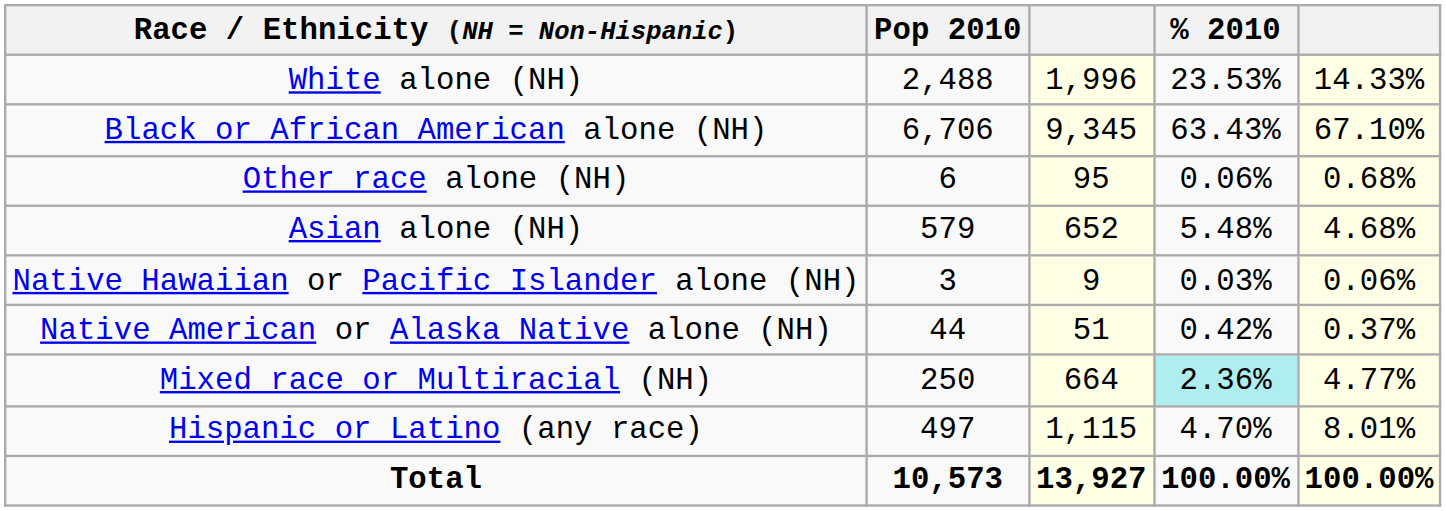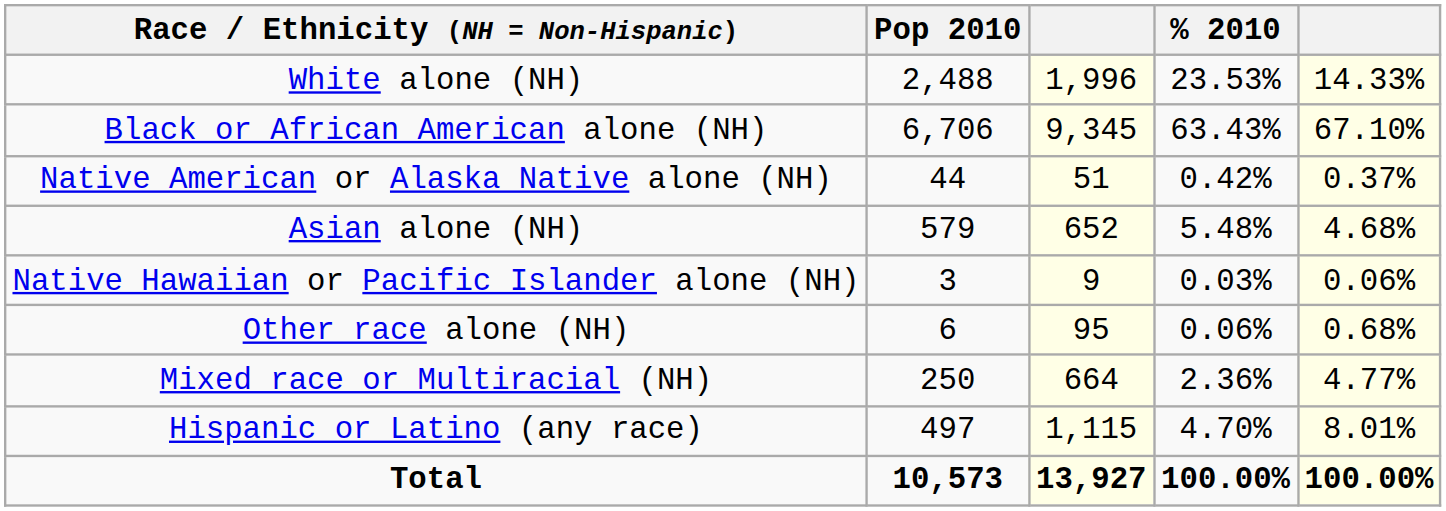 <table class="wikitable" style="text-align:center;">
 <tr>
 <th>Race / Ethnicity <small>(<em>NH = Non-Hispanic</em>)</small></th>
 <th>Pop 2010</th>
 <th></th>
 <th>% 2010</th>
 <th></th>
 </tr>
 <tr>
 <td><a href='#'>White</a> alone (NH)</td>
 <td>2,488</td>
 <td style='background: #ffffe6;'>1,996</td>
 <td>23.53%</td>
 <td style='background: #ffffe6;'>14.33%</td>
 </tr>
 <tr>
 <td><a href='#'>Black or African American</a> alone (NH)</td>
 <td>6,706</td>
 <td style='background: #ffffe6;'>9,345</td>
 <td>63.43%</td>
 <td style='background: #ffffe6;'>67.10%</td>
 </tr>
 <tr>
-<td><a href='#'>Other race</a> alone (NH)</td>
-<td>6</td>
-<td style='background: #ffffe6;'>95</td>
-<td>0.06%</td>
-<td style='background: #ffffe6;'>0.68%</td>
+<td><a href='#'>Native American</a> or <a href='#'>Alaska Native</a> alone (NH)</td>
+<td>44</td>
+<td style='background: #ffffe6;'>51</td>
+<td>0.42%</td>
+<td style='background: #ffffe6;'>0.37%</td>
 </tr>
 <tr>
 <td><a href='#'>Asian</a> alone (NH)</td>
 <td>579</td>
 <td style='background: #ffffe6;'>652</td>
 <td>5.48%</td>
 <td style='background: #ffffe6;'>4.68%</td>
 </tr>
 <tr>
 <td><a href='#'>Native Hawaiian</a> or <a href='#'>Pacific Islander</a> alone (NH)</td>
 <td>3</td>
 <td style='background: #ffffe6;'>9</td>
 <td>0.03%</td>
 <td style='background: #ffffe6;'>0.06%</td>
 </tr>
 <tr>
-<td><a href='#'>Native American</a> or <a href='#'>Alaska Native</a> alone (NH)</td>
-<td>44</td>
-<td style='background: #ffffe6;'>51</td>
-<td>0.42%</td>
-<td style='background: #ffffe6;'>0.37%</td>
+<td><a href='#'>Other race</a> alone (NH)</td>
+<td>6</td>
+<td style='background: #ffffe6;'>95</td>
+<td>0.06%</td>
+<td style='background: #ffffe6;'>0.68%</td>
 </tr>
 <tr>
 <td><a href='#'>Mixed race or Multiracial</a> (NH)</td>
 <td>250</td>
 <td style='background: #ffffe6;'>664</td>
-<td style="background: paleturquoise;">2.36%</td>
+<td>2.36%</td>
 <td style='background: #ffffe6;'>4.77%</td>
 </tr>
 <tr>
 <td><a href='#'>Hispanic or Latino</a> (any race)</td>
 <td>497</td>
 <td style='background: #ffffe6;'>1,115</td>
 <td>4.70%</td>
 <td style='background: #ffffe6;'>8.01%</td>
 </tr>
 <tr>
 <td><strong>Total</strong></td>
 <td><strong>10,573</strong></td>
 <td style='background: #ffffe6;'><strong>13,927</strong></td>
 <td><strong>100.00%</strong></td>
 <td style='background: #ffffe6;'><strong>100.00%</strong></td>
 </tr>
 </table>
